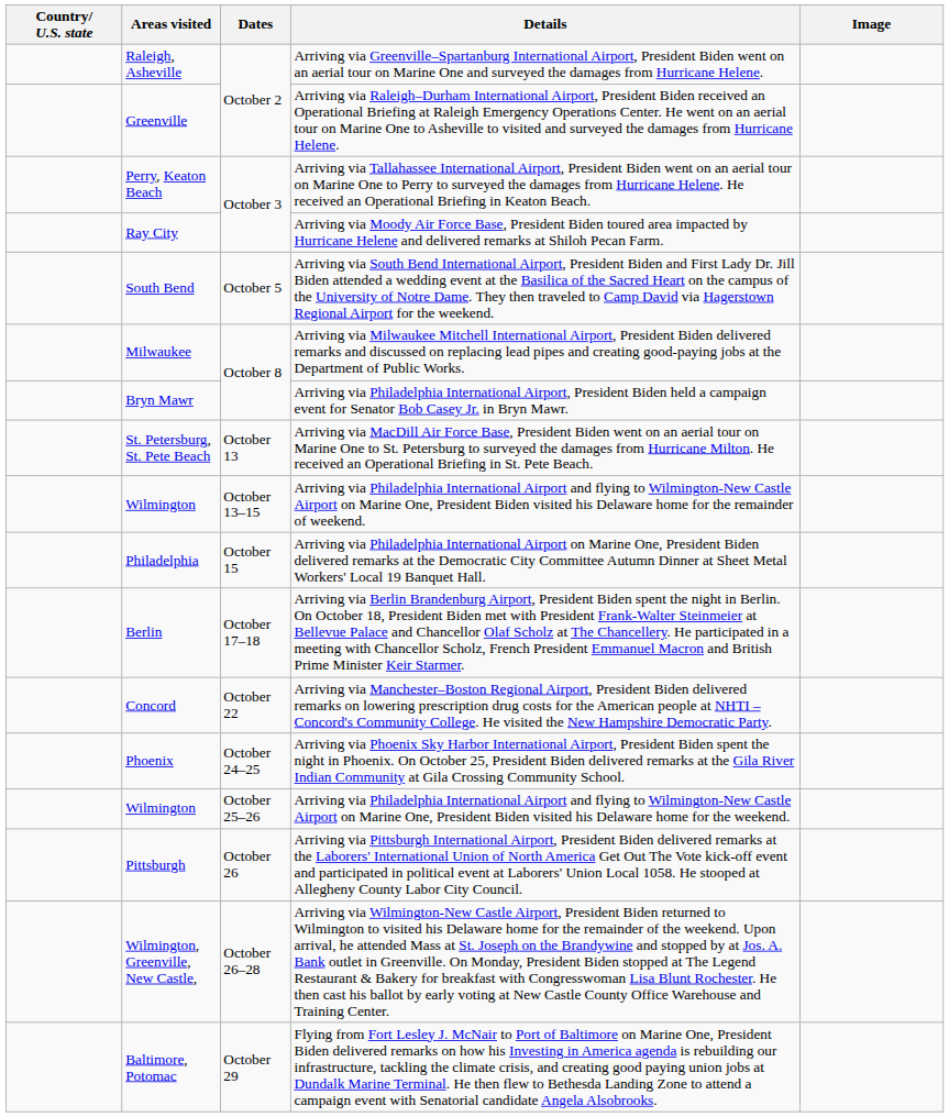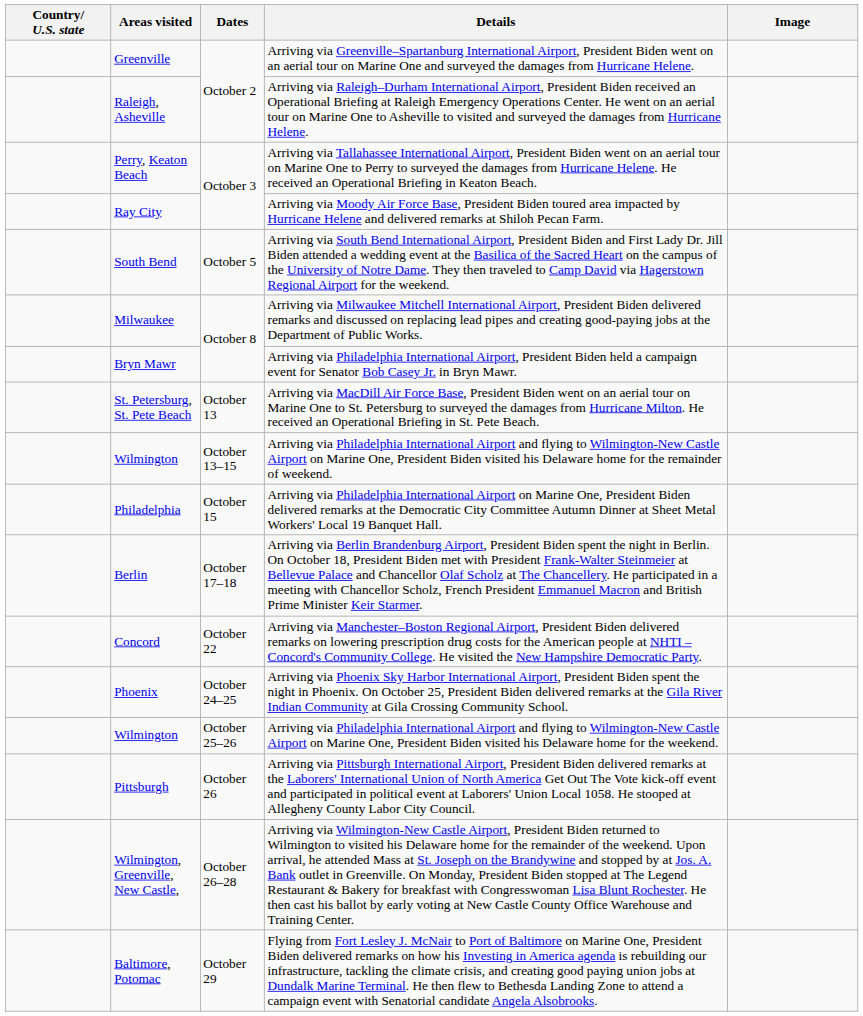 <table class="wikitable" style="margin: 1em auto 1em auto">
 <tr>
 <th width=120>Country/<br><em>U.S. state</em></th>
 <th width=100>Areas visited</th>
 <th width=70>Dates</th>
 <th width=550>Details</th>
 <th width=150>Image</th>
 </tr>
 <tr>
 <td></td>
-<td><a href='#'>Raleigh</a>, <a href='#'>Asheville</a></td>
+<td><a href='#'>Greenville</a></td>
 <td rowspan=2>October 2</td>
 <td>Arriving via <a href='#'>Greenville–Spartanburg International Airport</a>, President Biden went on an aerial tour on Marine One and surveyed the damages from <a href='#'>Hurricane Helene</a>.</td>
 <td></td>
 </tr>
 <tr>
 <td></td>
-<td><a href='#'>Greenville</a></td>
+<td><a href='#'>Raleigh</a>, <a href='#'>Asheville</a></td>
 <td>Arriving via <a href='#'>Raleigh–Durham International Airport</a>, President Biden received an Operational Briefing at Raleigh Emergency Operations Center. He went on an aerial tour on Marine One to Asheville to visited and surveyed the damages from <a href='#'>Hurricane Helene</a>.</td>
 <td></td>
 </tr>
 <tr>
 <td></td>
 <td><a href='#'>Perry</a>, <a href='#'>Keaton Beach</a></td>
 <td rowspan=2>October 3</td>
 <td>Arriving via <a href='#'>Tallahassee International Airport</a>, President Biden went on an aerial tour on Marine One to Perry to surveyed the damages from <a href='#'>Hurricane Helene</a>. He received an Operational Briefing in Keaton Beach.</td>
 <td></td>
 </tr>
 <tr>
 <td></td>
 <td><a href='#'>Ray City</a></td>
 <td>Arriving via <a href='#'>Moody Air Force Base</a>, President Biden toured area impacted by <a href='#'>Hurricane Helene</a> and delivered remarks at Shiloh Pecan Farm.</td>
 <td></td>
 </tr>
 <tr>
 <td></td>
 <td><a href='#'>South Bend</a></td>
 <td>October 5</td>
 <td>Arriving via <a href='#'>South Bend International Airport</a>, President Biden and First Lady Dr. Jill Biden attended a wedding event at the <a href='#'>Basilica of the Sacred Heart</a> on the campus of the <a href='#'>University of Notre Dame</a>. They then traveled to <a href='#'>Camp David</a> via <a href='#'>Hagerstown Regional Airport</a> for the weekend.</td>
 <td></td>
 </tr>
 <tr>
 <td></td>
 <td><a href='#'>Milwaukee</a></td>
 <td rowspan="2">October 8</td>
 <td>Arriving via <a href='#'>Milwaukee Mitchell International Airport</a>, President Biden delivered remarks and discussed on replacing lead pipes and creating good-paying jobs at the Department of Public Works.</td>
 <td></td>
 </tr>
 <tr>
 <td></td>
 <td><a href='#'>Bryn Mawr</a></td>
 <td>Arriving via <a href='#'>Philadelphia International Airport</a>, President Biden held a campaign event for Senator <a href='#'>Bob Casey Jr.</a> in Bryn Mawr.</td>
 <td></td>
 </tr>
 <tr>
 <td></td>
 <td><a href='#'>St. Petersburg</a>, <a href='#'>St. Pete Beach</a></td>
 <td>October 13</td>
 <td>Arriving via <a href='#'>MacDill Air Force Base</a>, President Biden went on an aerial tour on Marine One to St. Petersburg to surveyed the damages from <a href='#'>Hurricane Milton</a>. He received an Operational Briefing in St. Pete Beach.</td>
 <td></td>
 </tr>
 <tr>
 <td></td>
 <td><a href='#'>Wilmington</a></td>
 <td>October 13–15</td>
 <td>Arriving via <a href='#'>Philadelphia International Airport</a> and flying to <a href='#'>Wilmington-New Castle Airport</a> on Marine One, President Biden visited his Delaware home for the remainder of weekend.</td>
 <td></td>
 </tr>
 <tr>
 <td></td>
 <td><a href='#'>Philadelphia</a></td>
 <td>October 15</td>
 <td>Arriving via <a href='#'>Philadelphia International Airport</a> on Marine One, President Biden delivered remarks at the Democratic City Committee Autumn Dinner at Sheet Metal Workers' Local 19 Banquet Hall.</td>
 <td></td>
 </tr>
 <tr>
 <td></td>
 <td><a href='#'>Berlin</a></td>
 <td>October 17–18</td>
 <td>Arriving via <a href='#'>Berlin Brandenburg Airport</a>, President Biden spent the night in Berlin. On October 18, President Biden met with President <a href='#'>Frank-Walter Steinmeier</a> at <a href='#'>Bellevue Palace</a> and Chancellor <a href='#'>Olaf Scholz</a> at <a href='#'>The Chancellery</a>. He participated in a meeting with Chancellor Scholz, French President <a href='#'>Emmanuel Macron</a> and British Prime Minister <a href='#'>Keir Starmer</a>.</td>
 <td></td>
 </tr>
 <tr>
 <td></td>
 <td><a href='#'>Concord</a></td>
 <td>October 22</td>
 <td>Arriving via <a href='#'>Manchester–Boston Regional Airport</a>, President Biden delivered remarks on lowering prescription drug costs for the American people at <a href='#'>NHTI – Concord's Community College</a>. He visited the <a href='#'>New Hampshire Democratic Party</a>.</td>
 <td></td>
 </tr>
 <tr>
 <td></td>
 <td><a href='#'>Phoenix</a></td>
 <td>October 24–25</td>
 <td>Arriving via <a href='#'>Phoenix Sky Harbor International Airport</a>, President Biden spent the night in Phoenix. On October 25, President Biden delivered remarks at the <a href='#'>Gila River Indian Community</a> at Gila Crossing Community School.</td>
 <td></td>
 </tr>
 <tr>
 <td></td>
 <td><a href='#'>Wilmington</a></td>
 <td>October 25–26</td>
 <td>Arriving via <a href='#'>Philadelphia International Airport</a> and flying to <a href='#'>Wilmington-New Castle Airport</a> on Marine One, President Biden visited his Delaware home for the weekend.</td>
 <td></td>
 </tr>
 <tr>
 <td></td>
 <td><a href='#'>Pittsburgh</a></td>
 <td>October 26</td>
 <td>Arriving via <a href='#'>Pittsburgh International Airport</a>, President Biden delivered remarks at the <a href='#'>Laborers' International Union of North America</a> Get Out The Vote kick-off event and participated in political event at Laborers' Union Local 1058. He stooped at Allegheny County Labor City Council.</td>
 <td></td>
 </tr>
 <tr>
 <td></td>
 <td><a href='#'>Wilmington</a>, <a href='#'>Greenville</a>, <a href='#'>New Castle</a>,</td>
 <td>October 26–28</td>
 <td>Arriving via <a href='#'>Wilmington-New Castle Airport</a>, President Biden returned to Wilmington to visited his Delaware home for the remainder of the weekend. Upon arrival, he attended Mass at <a href='#'>St. Joseph on the Brandywine</a> and stopped by at <a href='#'>Jos. A. Bank</a> outlet in Greenville. On Monday, President Biden stopped at The Legend Restaurant & Bakery for breakfast with Congresswoman <a href='#'>Lisa Blunt Rochester</a>. He then cast his ballot by early voting at New Castle County Office Warehouse and Training Center.</td>
 <td></td>
 </tr>
 <tr>
 <td></td>
 <td><a href='#'>Baltimore</a>, <a href='#'>Potomac</a></td>
 <td>October 29</td>
 <td>Flying from <a href='#'>Fort Lesley J. McNair</a> to <a href='#'>Port of Baltimore</a> on Marine One, President Biden delivered remarks on how his <a href='#'>Investing in America agenda</a> is rebuilding our infrastructure, tackling the climate crisis, and creating good paying union jobs at <a href='#'>Dundalk Marine Terminal</a>. He then flew to Bethesda Landing Zone to attend a campaign event with Senatorial candidate <a href='#'>Angela Alsobrooks</a>.</td>
 <td></td>
 </tr>
 </table>
